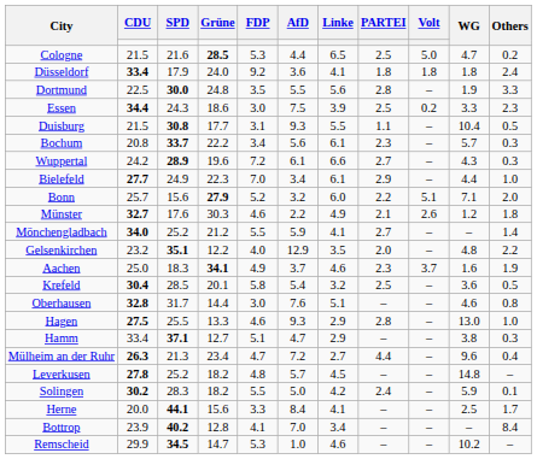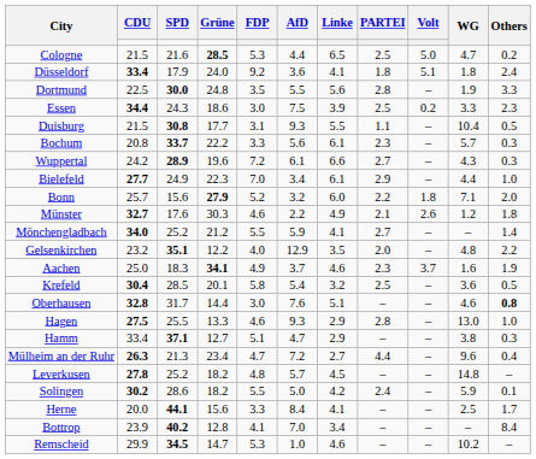 <table class=wikitable style="text-align:center; font-size:90%; line-height:14px">
 <tr style="height:40px;">
 <th rowspan=2>City</th>
 <th style="width:40px;"><a href='#'>CDU</a></th>
 <th style="width:40px;"><a href='#'>SPD</a></th>
 <th style="width:40px;"><a href='#'>Grüne</a></th>
 <th style="width:40px;"><a href='#'>FDP</a></th>
 <th style="width:40px;"><a href='#'>AfD</a></th>
 <th style="width:40px;"><a href='#'>Linke</a></th>
 <th style="width:40px;"><a href='#'>PARTEI</a></th>
 <th style="width:40px;"><a href='#'>Volt</a></th>
 <th class="unsortable" style="width:40px;" rowspan="2">WG</th>
 <th class="unsortable" style="width:40px;" rowspan="2">Others</th>
 </tr>
 <tr>
 <td style="background:"></td>
 <td style="background:"></td>
 <td style="background:"></td>
 <th style="background:"></th>
 <td style="background:"></td>
 <th style="background:"></th>
 <th style="background:"></th>
 <th style="background:"></th>
 </tr>
 <tr>
 <td><a href='#'>Cologne</a></td>
 <td>21.5</td>
 <td>21.6</td>
 <td><strong>28.5</strong></td>
 <td>5.3</td>
 <td>4.4</td>
 <td>6.5</td>
 <td>2.5</td>
 <td>5.0</td>
 <td>4.7</td>
 <td>0.2</td>
 </tr>
 <tr>
 <td><a href='#'>Düsseldorf</a></td>
 <td><strong>33.4</strong></td>
 <td>17.9</td>
 <td>24.0</td>
 <td>9.2</td>
 <td>3.6</td>
 <td>4.1</td>
 <td>1.8</td>
-<td>1.8</td>
+<td>5.1</td>
 <td>1.8</td>
 <td>2.4</td>
 </tr>
 <tr>
 <td><a href='#'>Dortmund</a></td>
 <td>22.5</td>
 <td><strong>30.0</strong></td>
 <td>24.8</td>
 <td>3.5</td>
 <td>5.5</td>
 <td>5.6</td>
 <td>2.8</td>
 <td>–</td>
 <td>1.9</td>
 <td>3.3</td>
 </tr>
 <tr>
 <td><a href='#'>Essen</a></td>
 <td><strong>34.4</strong></td>
 <td>24.3</td>
 <td>18.6</td>
 <td>3.0</td>
 <td>7.5</td>
 <td>3.9</td>
 <td>2.5</td>
 <td>0.2</td>
 <td>3.3</td>
 <td>2.3</td>
 </tr>
 <tr>
 <td><a href='#'>Duisburg</a></td>
 <td>21.5</td>
 <td><strong>30.8</strong></td>
 <td>17.7</td>
 <td>3.1</td>
 <td>9.3</td>
 <td>5.5</td>
 <td>1.1</td>
 <td>–</td>
 <td>10.4</td>
 <td>0.5</td>
 </tr>
 <tr>
 <td><a href='#'>Bochum</a></td>
 <td>20.8</td>
 <td><strong>33.7</strong></td>
 <td>22.2</td>
-<td>3.4</td>
+<td>3.3</td>
 <td>5.6</td>
 <td>6.1</td>
 <td>2.3</td>
 <td>–</td>
 <td>5.7</td>
 <td>0.3</td>
 </tr>
 <tr>
 <td><a href='#'>Wuppertal</a></td>
 <td>24.2</td>
 <td><strong>28.9</strong></td>
 <td>19.6</td>
 <td>7.2</td>
 <td>6.1</td>
 <td>6.6</td>
 <td>2.7</td>
 <td>–</td>
 <td>4.3</td>
 <td>0.3</td>
 </tr>
 <tr>
 <td><a href='#'>Bielefeld</a></td>
 <td><strong>27.7</strong></td>
 <td>24.9</td>
 <td>22.3</td>
 <td>7.0</td>
 <td>3.4</td>
 <td>6.1</td>
 <td>2.9</td>
 <td>–</td>
 <td>4.4</td>
 <td>1.0</td>
 </tr>
 <tr>
 <td><a href='#'>Bonn</a></td>
 <td>25.7</td>
 <td>15.6</td>
 <td><strong>27.9</strong></td>
 <td>5.2</td>
 <td>3.2</td>
 <td>6.0</td>
 <td>2.2</td>
-<td>5.1</td>
+<td>1.8</td>
 <td>7.1</td>
 <td>2.0</td>
 </tr>
 <tr>
 <td><a href='#'>Münster</a></td>
 <td><strong>32.7</strong></td>
 <td>17.6</td>
 <td>30.3</td>
 <td>4.6</td>
 <td>2.2</td>
 <td>4.9</td>
 <td>2.1</td>
 <td>2.6</td>
 <td>1.2</td>
 <td>1.8</td>
 </tr>
 <tr>
 <td><a href='#'>Mönchengladbach</a></td>
 <td><strong>34.0</strong></td>
 <td>25.2</td>
 <td>21.2</td>
 <td>5.5</td>
 <td>5.9</td>
 <td>4.1</td>
 <td>2.7</td>
 <td>–</td>
 <td>–</td>
 <td>1.4</td>
 </tr>
 <tr>
 <td><a href='#'>Gelsenkirchen</a></td>
 <td>23.2</td>
 <td><strong>35.1</strong></td>
 <td>12.2</td>
 <td>4.0</td>
 <td>12.9</td>
 <td>3.5</td>
 <td>2.0</td>
 <td>–</td>
 <td>4.8</td>
 <td>2.2</td>
 </tr>
 <tr>
 <td><a href='#'>Aachen</a></td>
 <td>25.0</td>
 <td>18.3</td>
 <td><strong>34.1</strong></td>
 <td>4.9</td>
 <td>3.7</td>
 <td>4.6</td>
 <td>2.3</td>
 <td>3.7</td>
 <td>1.6</td>
 <td>1.9</td>
 </tr>
 <tr>
 <td><a href='#'>Krefeld</a></td>
 <td><strong>30.4</strong></td>
 <td>28.5</td>
 <td>20.1</td>
 <td>5.8</td>
 <td>5.4</td>
 <td>3.2</td>
 <td>2.5</td>
 <td>–</td>
 <td>3.6</td>
 <td>0.5</td>
 </tr>
 <tr>
 <td><a href='#'>Oberhausen</a></td>
 <td><strong>32.8</strong></td>
 <td>31.7</td>
 <td>14.4</td>
 <td>3.0</td>
 <td>7.6</td>
 <td>5.1</td>
 <td>–</td>
 <td>–</td>
 <td>4.6</td>
-<td>0.8</td>
+<td><strong>0.8</strong></td>
 </tr>
 <tr>
 <td><a href='#'>Hagen</a></td>
 <td><strong>27.5</strong></td>
 <td>25.5</td>
 <td>13.3</td>
 <td>4.6</td>
 <td>9.3</td>
 <td>2.9</td>
 <td>2.8</td>
 <td>–</td>
 <td>13.0</td>
 <td>1.0</td>
 </tr>
 <tr>
 <td><a href='#'>Hamm</a></td>
 <td>33.4</td>
 <td><strong>37.1</strong></td>
 <td>12.7</td>
 <td>5.1</td>
 <td>4.7</td>
 <td>2.9</td>
 <td>–</td>
 <td>–</td>
 <td>3.8</td>
 <td>0.3</td>
 </tr>
 <tr>
 <td><a href='#'>Mülheim an der Ruhr</a></td>
 <td><strong>26.3</strong></td>
 <td>21.3</td>
 <td>23.4</td>
 <td>4.7</td>
 <td>7.2</td>
 <td>2.7</td>
 <td>4.4</td>
 <td>–</td>
 <td>9.6</td>
 <td>0.4</td>
 </tr>
 <tr>
 <td><a href='#'>Leverkusen</a></td>
 <td><strong>27.8</strong></td>
 <td>25.2</td>
 <td>18.2</td>
 <td>4.8</td>
 <td>5.7</td>
 <td>4.5</td>
 <td>–</td>
 <td>–</td>
 <td>14.8</td>
 <td>–</td>
 </tr>
 <tr>
 <td><a href='#'>Solingen</a></td>
 <td><strong>30.2</strong></td>
-<td>28.3</td>
+<td>28.6</td>
 <td>18.2</td>
 <td>5.5</td>
 <td>5.0</td>
 <td>4.2</td>
 <td>2.4</td>
 <td>–</td>
 <td>5.9</td>
 <td>0.1</td>
 </tr>
 <tr>
 <td><a href='#'>Herne</a></td>
 <td>20.0</td>
 <td><strong>44.1</strong></td>
 <td>15.6</td>
 <td>3.3</td>
 <td>8.4</td>
 <td>4.1</td>
 <td>–</td>
 <td>–</td>
 <td>2.5</td>
 <td>1.7</td>
 </tr>
 <tr>
 <td><a href='#'>Bottrop</a></td>
 <td>23.9</td>
 <td><strong>40.2</strong></td>
 <td>12.8</td>
 <td>4.1</td>
 <td>7.0</td>
 <td>3.4</td>
 <td>–</td>
 <td>–</td>
 <td>–</td>
 <td>8.4</td>
 </tr>
 <tr>
 <td><a href='#'>Remscheid</a></td>
 <td>29.9</td>
 <td><strong>34.5</strong></td>
 <td>14.7</td>
 <td>5.3</td>
 <td>1.0</td>
 <td>4.6</td>
 <td>–</td>
 <td>–</td>
 <td>10.2</td>
 <td>–</td>
 </tr>
 </table>
